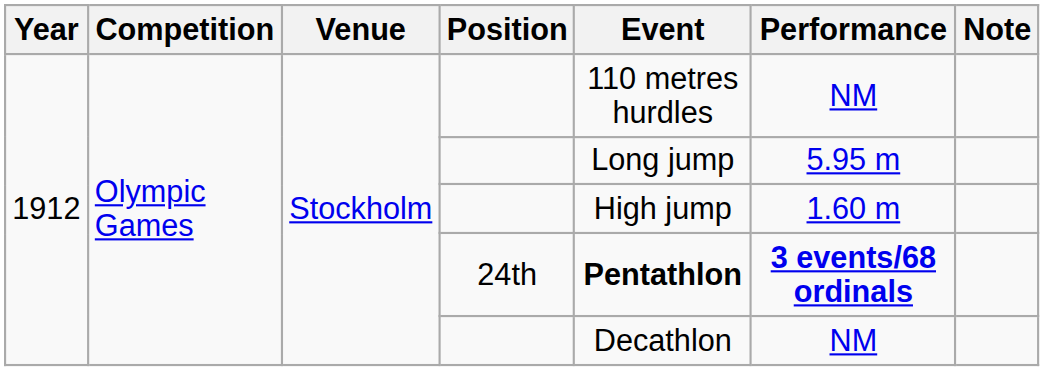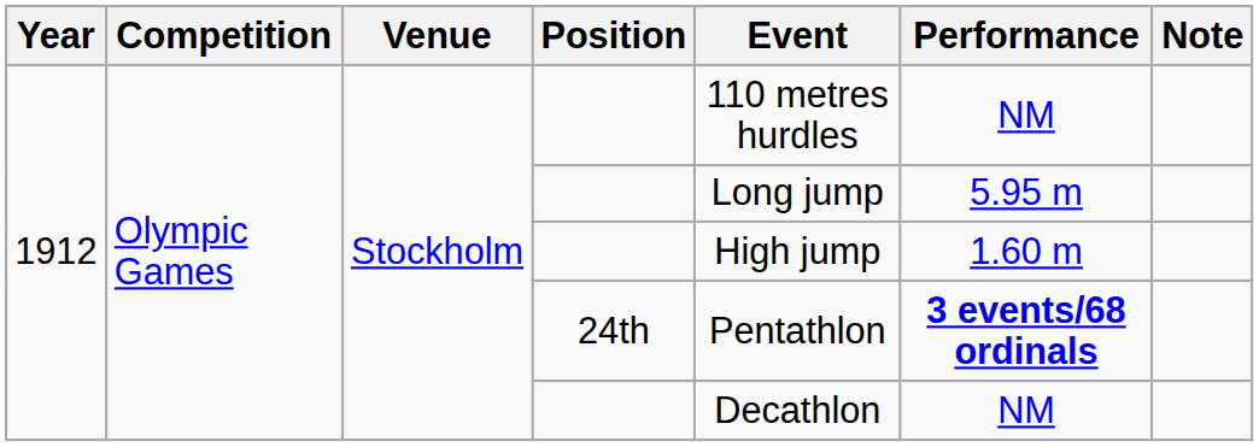 <table class="wikitable" width=55% style="font-size:90%; text-align:center;">
 <tr>
 <th>Year</th>
 <th>Competition</th>
 <th>Venue</th>
 <th>Position</th>
 <th>Event</th>
 <th>Performance</th>
 <th>Note</th>
 </tr>
 <tr>
 <td rowspan=5>1912</td>
 <td rowspan=5 align=left><a href='#'>Olympic Games</a></td>
 <td rowspan=5 align=left> <a href='#'>Stockholm</a></td>
 <td></td>
 <td>110 metres hurdles</td>
 <td><a href='#'>NM</a></td>
 <td></td>
 </tr>
 <tr>
 <td></td>
 <td>Long jump</td>
 <td><a href='#'>5.95 m</a></td>
 <td></td>
 </tr>
 <tr>
 <td></td>
 <td>High jump</td>
 <td><a href='#'>1.60 m</a></td>
 <td></td>
 </tr>
 <tr>
 <td>24th</td>
-<td><strong>Pentathlon</strong></td>
+<td>Pentathlon</td>
 <td><strong><a href='#'>3 events/68 ordinals</a></strong></td>
 <td></td>
 </tr>
 <tr>
 <td></td>
 <td>Decathlon</td>
 <td><a href='#'>NM</a></td>
 <td></td>
 </tr>
 </table>
